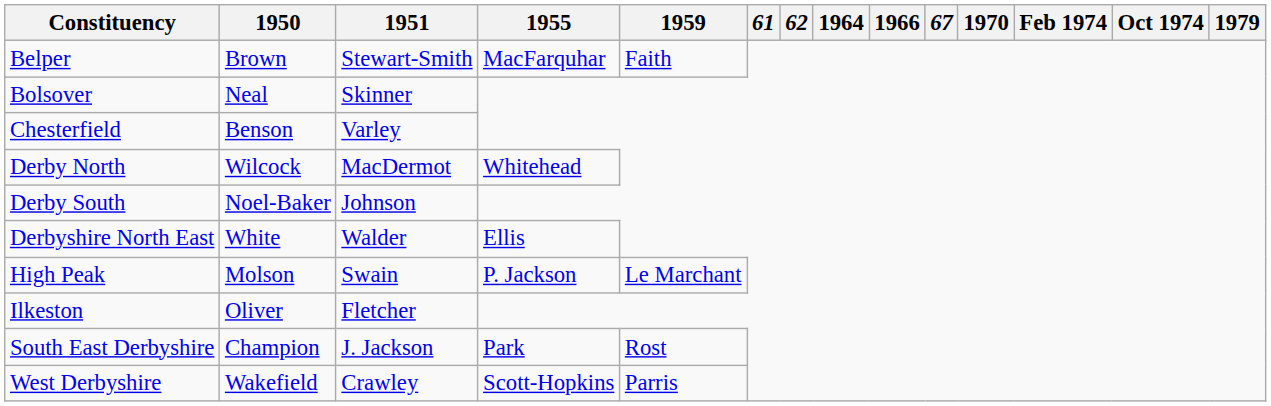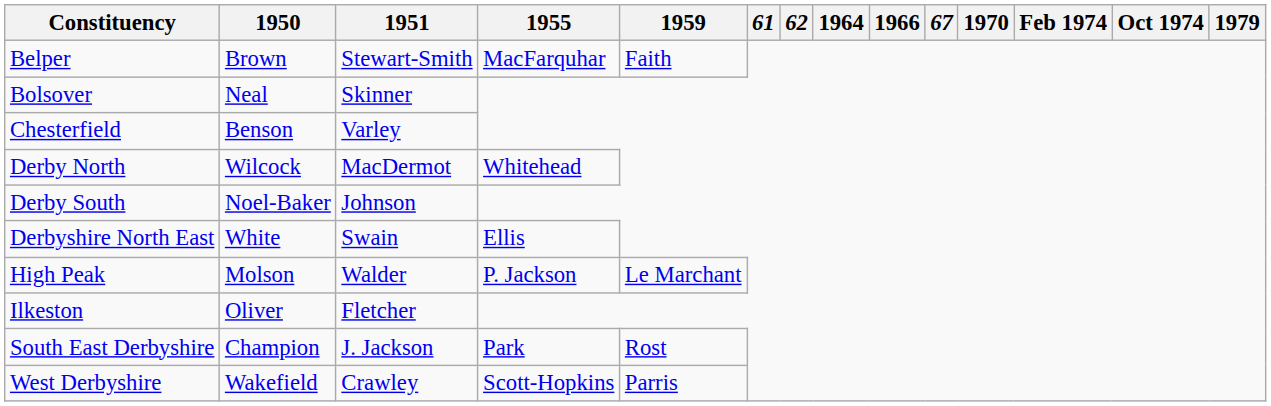 <table class="wikitable">
 <tr>
 <th>Constituency</th>
 <th>1950</th>
 <th>1951</th>
 <th>1955</th>
 <th>1959</th>
 <th><em>61</em></th>
 <th><em>62</em></th>
 <th>1964</th>
 <th>1966</th>
 <th><em>67</em></th>
 <th>1970</th>
 <th>Feb 1974</th>
 <th>Oct 1974</th>
 <th>1979</th>
 </tr>
 <tr>
 <td><a href='#'>Belper</a></td>
 <td><a href='#'>Brown</a></td>
 <td><a href='#'>Stewart-Smith</a></td>
 <td><a href='#'>MacFarquhar</a></td>
 <td><a href='#'>Faith</a></td>
 </tr>
 <tr>
 <td><a href='#'>Bolsover</a></td>
 <td><a href='#'>Neal</a></td>
 <td><a href='#'>Skinner</a></td>
 </tr>
 <tr>
 <td><a href='#'>Chesterfield</a></td>
 <td><a href='#'>Benson</a></td>
 <td><a href='#'>Varley</a></td>
 </tr>
 <tr>
 <td><a href='#'>Derby North</a></td>
 <td><a href='#'>Wilcock</a></td>
 <td><a href='#'>MacDermot</a></td>
 <td><a href='#'>Whitehead</a></td>
 </tr>
 <tr>
 <td><a href='#'>Derby South</a></td>
 <td><a href='#'>Noel-Baker</a></td>
 <td><a href='#'>Johnson</a></td>
 </tr>
 <tr>
 <td><a href='#'>Derbyshire North East</a></td>
 <td><a href='#'>White</a></td>
-<td><a href='#'>Walder</a></td>
+<td><a href='#'>Swain</a></td>
 <td><a href='#'>Ellis</a></td>
 </tr>
 <tr>
 <td><a href='#'>High Peak</a></td>
 <td><a href='#'>Molson</a></td>
-<td><a href='#'>Swain</a></td>
+<td><a href='#'>Walder</a></td>
 <td><a href='#'>P. Jackson</a></td>
 <td><a href='#'>Le Marchant</a></td>
 </tr>
 <tr>
 <td><a href='#'>Ilkeston</a></td>
 <td><a href='#'>Oliver</a></td>
 <td><a href='#'>Fletcher</a></td>
 </tr>
 <tr>
 <td><a href='#'>South East Derbyshire</a></td>
 <td><a href='#'>Champion</a></td>
 <td><a href='#'>J. Jackson</a></td>
 <td><a href='#'>Park</a></td>
 <td><a href='#'>Rost</a></td>
 </tr>
 <tr>
 <td><a href='#'>West Derbyshire</a></td>
 <td><a href='#'>Wakefield</a></td>
 <td><a href='#'>Crawley</a></td>
 <td><a href='#'>Scott-Hopkins</a></td>
 <td><a href='#'>Parris</a></td>
 </tr>
 </table>
